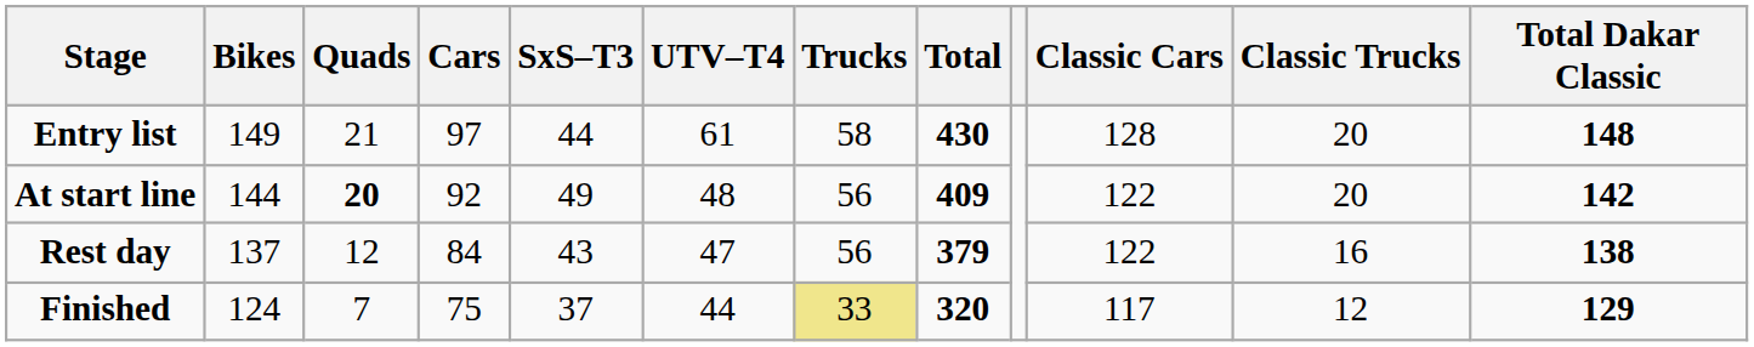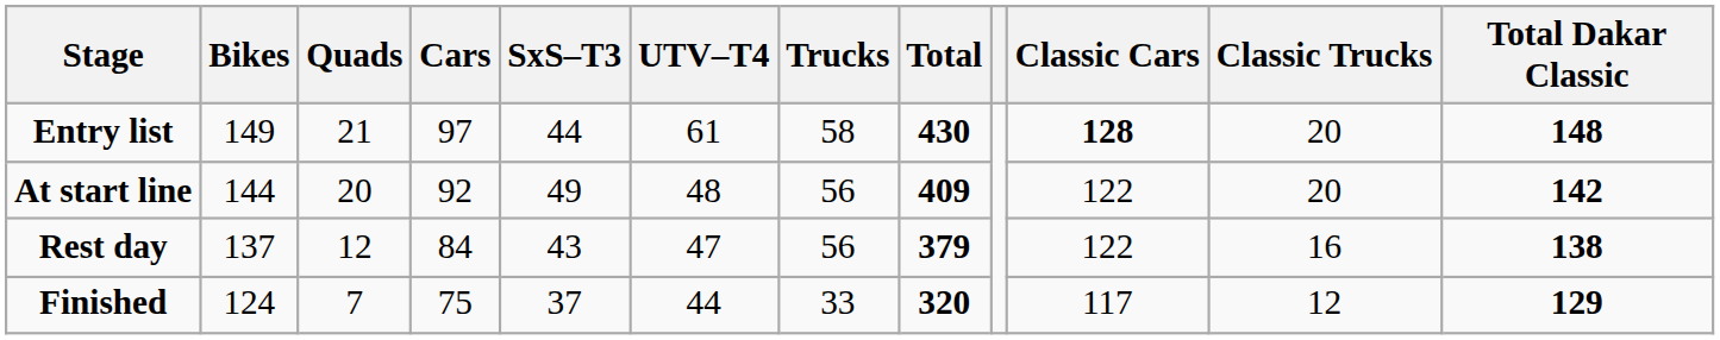 <table class="wikitable" style="font-size:85%; text-align:center;">
 <tr>
 <th>Stage</th>
 <th>Bikes</th>
 <th>Quads</th>
 <th>Cars</th>
 <th>SxS–T3</th>
 <th>UTV–T4</th>
 <th>Trucks</th>
 <th>Total</th>
 <th></th>
 <th>Classic Cars</th>
 <th>Classic Trucks</th>
 <th>Total Dakar Classic</th>
 </tr>
 <tr>
 <td><strong>Entry list</strong></td>
 <td>149</td>
 <td>21</td>
 <td>97</td>
 <td>44</td>
 <td>61</td>
 <td>58</td>
 <td><strong>430</strong></td>
 <td rowspan=4></td>
-<td>128</td>
+<td><strong>128</strong></td>
 <td>20</td>
 <td style="width:100px"><strong>148</strong></td>
 </tr>
 <tr>
 <td><strong>At start line</strong></td>
 <td>144</td>
-<td><strong>20</strong></td>
+<td>20</td>
 <td>92</td>
 <td>49</td>
 <td>48</td>
 <td>56</td>
 <td><strong>409</strong></td>
 <td>122</td>
 <td>20</td>
 <td style="width:100px"><strong>142</strong></td>
 </tr>
 <tr>
 <td><strong>Rest day</strong></td>
 <td>137</td>
 <td>12</td>
 <td>84</td>
 <td>43</td>
 <td>47</td>
 <td>56</td>
 <td><strong>379</strong></td>
 <td>122</td>
 <td>16</td>
 <td style="width:100px"><strong>138</strong></td>
 </tr>
 <tr>
 <td><strong>Finished</strong></td>
 <td>124</td>
 <td>7</td>
 <td>75</td>
 <td>37</td>
 <td>44</td>
-<td style="background: khaki;">33</td>
+<td>33</td>
 <td><strong>320</strong></td>
 <td>117</td>
 <td>12</td>
 <td style="width:100px"><strong>129</strong></td>
 </tr>
 </table>
